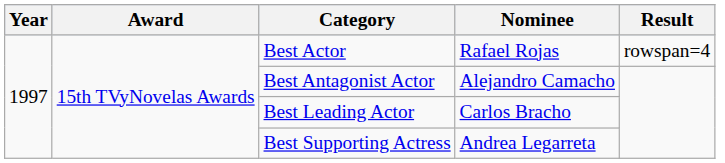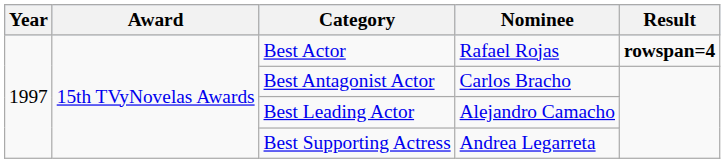 <table class="wikitable">
 <tr style="background:#b0c4de;">
 <th>Year</th>
 <th>Award</th>
 <th>Category</th>
 <th>Nominee</th>
 <th>Result</th>
 </tr>
 <tr>
 <td rowspan=4>1997</td>
 <td rowspan=4><a href='#'>15th TVyNovelas Awards</a></td>
 <td><a href='#'>Best Actor</a></td>
 <td><a href='#'>Rafael Rojas</a></td>
-<td>rowspan=4 </td>
+<td><strong>rowspan=4 </strong></td>
 </tr>
 <tr>
 <td><a href='#'>Best Antagonist Actor</a></td>
-<td><a href='#'>Alejandro Camacho</a></td>
+<td><a href='#'>Carlos Bracho</a></td>
 </tr>
 <tr>
 <td><a href='#'>Best Leading Actor</a></td>
-<td><a href='#'>Carlos Bracho</a></td>
+<td><a href='#'>Alejandro Camacho</a></td>
 </tr>
 <tr>
 <td><a href='#'>Best Supporting Actress</a></td>
 <td><a href='#'>Andrea Legarreta</a></td>
 </tr>
 </table>
